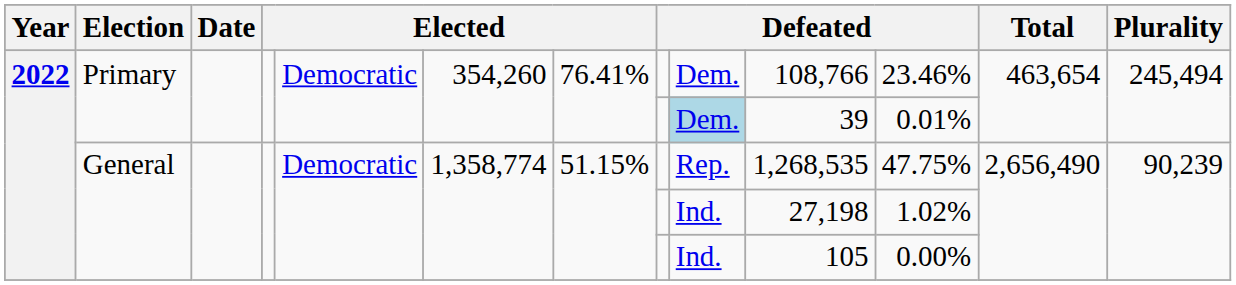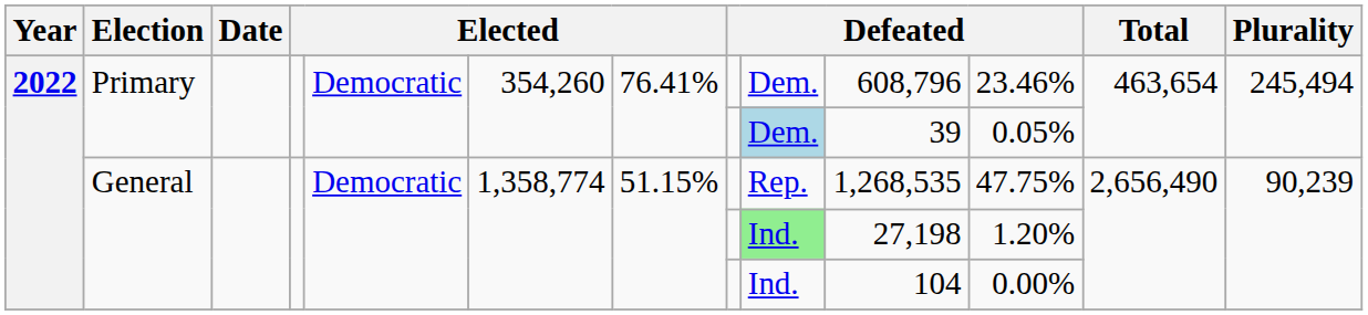 <table class="wikitable">
 <tr>
 <th>Year</th>
 <th>Election</th>
 <th>Date</th>
 <th colspan="4">Elected</th>
 <th colspan="4">Defeated</th>
 <th>Total</th>
 <th>Plurality</th>
 </tr>
 <tr>
 <th valign="top" rowspan="5"><a href='#'>2022</a></th>
 <td valign="top" rowspan="2">Primary</td>
 <td valign="top" rowspan="2"></td>
 <td valign="top" rowspan="2"></td>
 <td valign="top" rowspan="2" ><a href='#'>Democratic</a></td>
 <td valign="top" align="right" rowspan="2">354,260</td>
 <td valign="top" align="right" rowspan="2">76.41%</td>
 <td valign="top"></td>
 <td valign="top" ><a href='#'>Dem.</a></td>
-<td valign="top" align="right">108,766</td>
+<td valign="top" align="right">608,796</td>
 <td valign="top" align="right">23.46%</td>
 <td valign="top" align="right" rowspan="2">463,654</td>
 <td valign="top" align="right" rowspan="2">245,494</td>
 </tr>
 <tr>
 <td valign="top"></td>
 <td valign="top"  style="background: lightblue;"><a href='#'>Dem.</a></td>
 <td valign="top" align="right">39</td>
-<td valign="top" align="right">0.01%</td>
+<td valign="top" align="right">0.05%</td>
 </tr>
 <tr>
 <td rowspan="3" valign="top">General</td>
 <td rowspan="3" valign="top"></td>
 <td rowspan="3" valign="top"></td>
 <td rowspan="3" valign="top" ><a href='#'>Democratic</a></td>
 <td rowspan="3" valign="top" align="right">1,358,774</td>
 <td rowspan="3" valign="top" align="right">51.15%</td>
 <td valign="top"></td>
 <td valign="top" ><a href='#'>Rep.</a></td>
 <td valign="top" align="right">1,268,535</td>
 <td valign="top" align="right">47.75%</td>
 <td rowspan="3" valign="top" align="right">2,656,490</td>
 <td rowspan="3" valign="top" align="right">90,239</td>
 </tr>
 <tr>
 <td valign="top"></td>
-<td valign="top" ><a href='#'>Ind.</a></td>
+<td valign="top"  style="background: lightgreen;"><a href='#'>Ind.</a></td>
 <td valign="top" align="right">27,198</td>
-<td valign="top" align="right">1.02%</td>
+<td valign="top" align="right">1.20%</td>
 </tr>
 <tr>
 <td valign="top"></td>
 <td valign="top" ><a href='#'>Ind.</a></td>
-<td valign="top" align="right">105</td>
+<td valign="top" align="right">104</td>
 <td valign="top" align="right">0.00%</td>
 </tr>
 </table>
